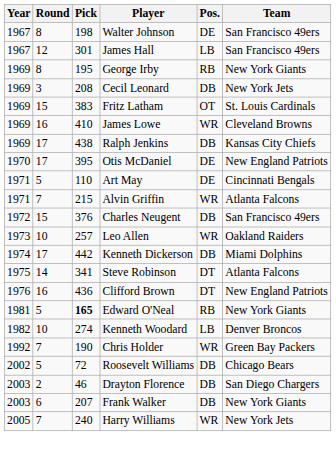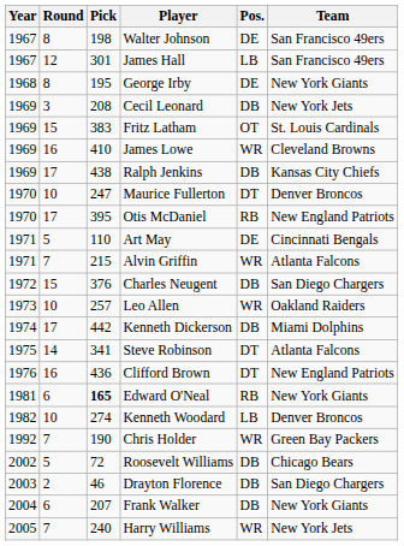 <table class="wikitable sortable"; style= "text-align: ">
 <tr>
 <th width=px>Year</th>
 <th width=px>Round</th>
 <th width=px>Pick</th>
 <th width=px>Player</th>
 <th width=px>Pos.</th>
 <th width=px>Team</th>
 </tr>
 <tr>
 <td>1967</td>
 <td>8</td>
 <td>198</td>
 <td>Walter Johnson</td>
 <td>DE</td>
 <td>San Francisco 49ers</td>
 </tr>
 <tr>
 <td>1967</td>
 <td>12</td>
 <td>301</td>
 <td>James Hall</td>
 <td>LB</td>
 <td>San Francisco 49ers</td>
 </tr>
 <tr>
-<td>1969</td>
+<td>1968</td>
 <td>8</td>
 <td>195</td>
 <td>George Irby</td>
-<td>RB</td>
+<td>DE</td>
 <td>New York Giants</td>
 </tr>
 <tr>
 <td>1969</td>
 <td>3</td>
 <td>208</td>
 <td>Cecil Leonard</td>
 <td>DB</td>
 <td>New York Jets</td>
 </tr>
 <tr>
 <td>1969</td>
 <td>15</td>
 <td>383</td>
 <td>Fritz Latham</td>
 <td>OT</td>
 <td>St. Louis Cardinals</td>
 </tr>
 <tr>
 <td>1969</td>
 <td>16</td>
 <td>410</td>
 <td>James Lowe</td>
 <td>WR</td>
 <td>Cleveland Browns</td>
 </tr>
 <tr>
 <td>1969</td>
 <td>17</td>
 <td>438</td>
 <td>Ralph Jenkins</td>
 <td>DB</td>
 <td>Kansas City Chiefs</td>
 </tr>
 <tr>
 <td>1970</td>
+<td>10</td>
+<td>247</td>
+<td>Maurice Fullerton</td>
+<td>DT</td>
+<td>Denver Broncos</td>
+</tr>
+<tr>
+<td>1970</td>
 <td>17</td>
 <td>395</td>
 <td>Otis McDaniel</td>
-<td>DE</td>
+<td>RB</td>
 <td>New England Patriots</td>
 </tr>
 <tr>
 <td>1971</td>
 <td>5</td>
 <td>110</td>
 <td>Art May</td>
 <td>DE</td>
 <td>Cincinnati Bengals</td>
 </tr>
 <tr>
 <td>1971</td>
 <td>7</td>
 <td>215</td>
 <td>Alvin Griffin</td>
 <td>WR</td>
 <td>Atlanta Falcons</td>
 </tr>
 <tr>
 <td>1972</td>
 <td>15</td>
 <td>376</td>
 <td>Charles Neugent</td>
 <td>DB</td>
-<td>San Francisco 49ers</td>
+<td>San Diego Chargers</td>
 </tr>
 <tr>
 <td>1973</td>
 <td>10</td>
 <td>257</td>
 <td>Leo Allen</td>
 <td>WR</td>
 <td>Oakland Raiders</td>
 </tr>
 <tr>
 <td>1974</td>
 <td>17</td>
 <td>442</td>
 <td>Kenneth Dickerson</td>
 <td>DB</td>
 <td>Miami Dolphins</td>
 </tr>
 <tr>
 <td>1975</td>
 <td>14</td>
 <td>341</td>
 <td>Steve Robinson</td>
 <td>DT</td>
 <td>Atlanta Falcons</td>
 </tr>
 <tr>
 <td>1976</td>
 <td>16</td>
 <td>436</td>
 <td>Clifford Brown</td>
 <td>DT</td>
 <td>New England Patriots</td>
 </tr>
 <tr>
 <td>1981</td>
-<td>5</td>
+<td>6</td>
 <td><strong>165</strong></td>
 <td>Edward O'Neal</td>
 <td>RB</td>
 <td>New York Giants</td>
 </tr>
 <tr>
 <td>1982</td>
 <td>10</td>
 <td>274</td>
 <td>Kenneth Woodard</td>
 <td>LB</td>
 <td>Denver Broncos</td>
 </tr>
 <tr>
 <td>1992</td>
 <td>7</td>
 <td>190</td>
 <td>Chris Holder</td>
 <td>WR</td>
 <td>Green Bay Packers</td>
 </tr>
 <tr>
 <td>2002</td>
 <td>5</td>
 <td>72</td>
 <td>Roosevelt Williams</td>
 <td>DB</td>
 <td>Chicago Bears</td>
 </tr>
 <tr>
 <td>2003</td>
 <td>2</td>
 <td>46</td>
 <td>Drayton Florence</td>
 <td>DB</td>
 <td>San Diego Chargers</td>
 </tr>
 <tr>
-<td>2003</td>
+<td>2004</td>
 <td>6</td>
 <td>207</td>
 <td>Frank Walker</td>
 <td>DB</td>
 <td>New York Giants</td>
 </tr>
 <tr>
 <td>2005</td>
 <td>7</td>
 <td>240</td>
 <td>Harry Williams</td>
 <td>WR</td>
 <td>New York Jets</td>
 </tr>
 </table>
